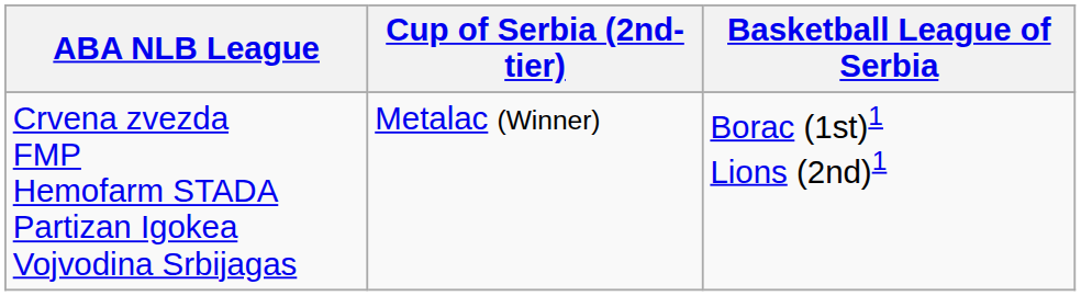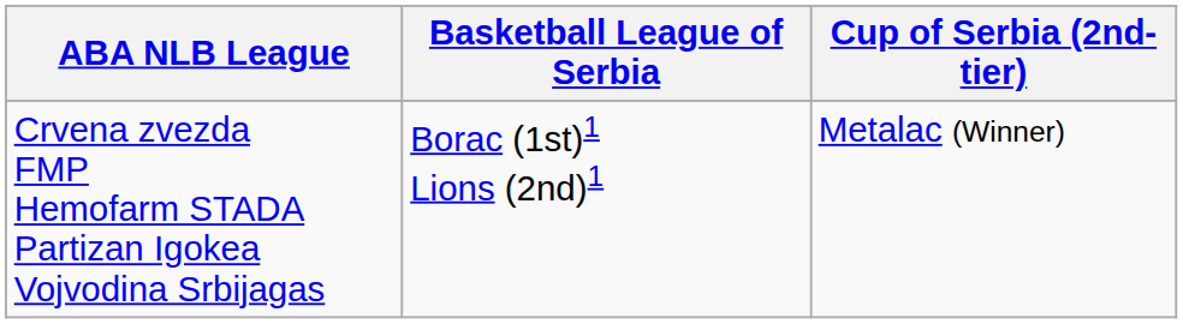 <table class=wikitable width=60%>
 <tr>
 <th width=13%><a href='#'>ABA NLB League</a></th>
+<th width=13%><a href='#'>Basketball League of Serbia</a></th>
 <th width=13%><a href='#'>Cup of Serbia (2nd-tier)</a></th>
-<th width=13%><a href='#'>Basketball League of Serbia</a></th>
 </tr>
 <tr valign=top>
 <td><a href='#'>Crvena zvezda</a><br><a href='#'>FMP</a><br><a href='#'>Hemofarm STADA</a><br><a href='#'>Partizan Igokea</a><br><a href='#'>Vojvodina Srbijagas</a></td>
+<td><a href='#'>Borac</a> (1st)<sup><a href='#'>1</a></sup><br><a href='#'>Lions</a> (2nd)<sup><a href='#'>1</a></sup></td>
 <td><a href='#'>Metalac</a> <small>(Winner)</small></td>
-<td><a href='#'>Borac</a> (1st)<sup><a href='#'>1</a></sup><br><a href='#'>Lions</a> (2nd)<sup><a href='#'>1</a></sup></td>
 </tr>
 </table>
